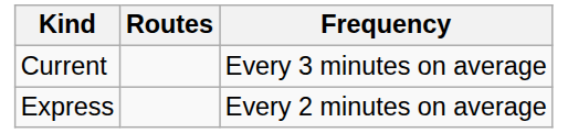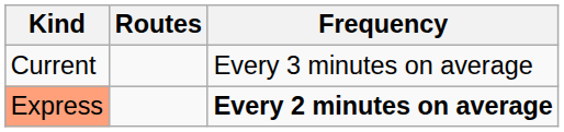 <table class="wikitable" style="margin-left: auto; margin-right: auto; border: none;">
 <tr>
 <th>Kind</th>
 <th>Routes</th>
 <th>Frequency</th>
 </tr>
 <tr>
 <td>Current</td>
 <td></td>
 <td>Every 3 minutes on average</td>
 </tr>
 <tr>
-<td>Express</td>
+<td style="background: lightsalmon;">Express</td>
 <td></td>
-<td>Every 2 minutes on average</td>
+<td><strong>Every 2 minutes on average</strong></td>
 </tr>
 </table>
